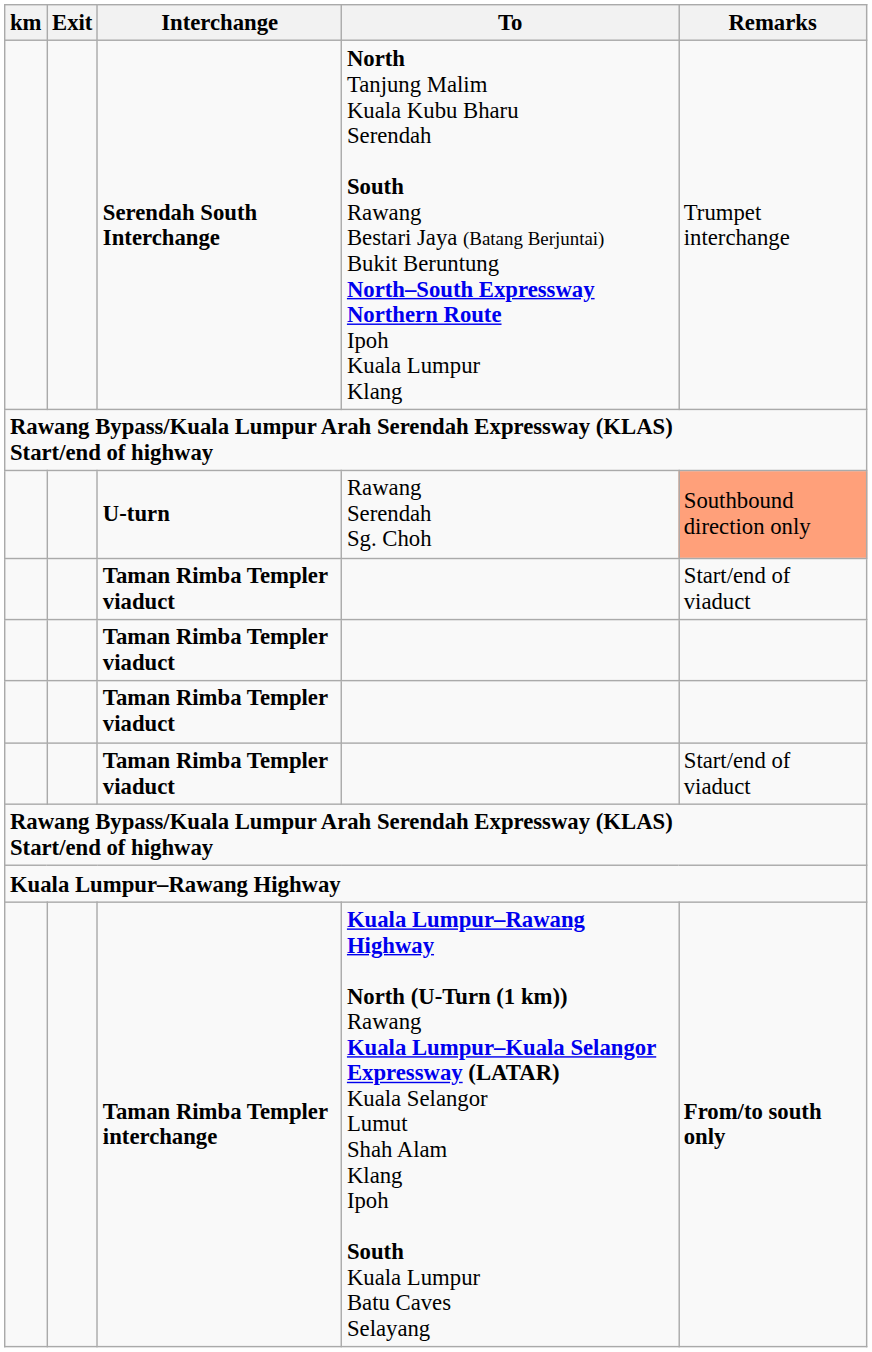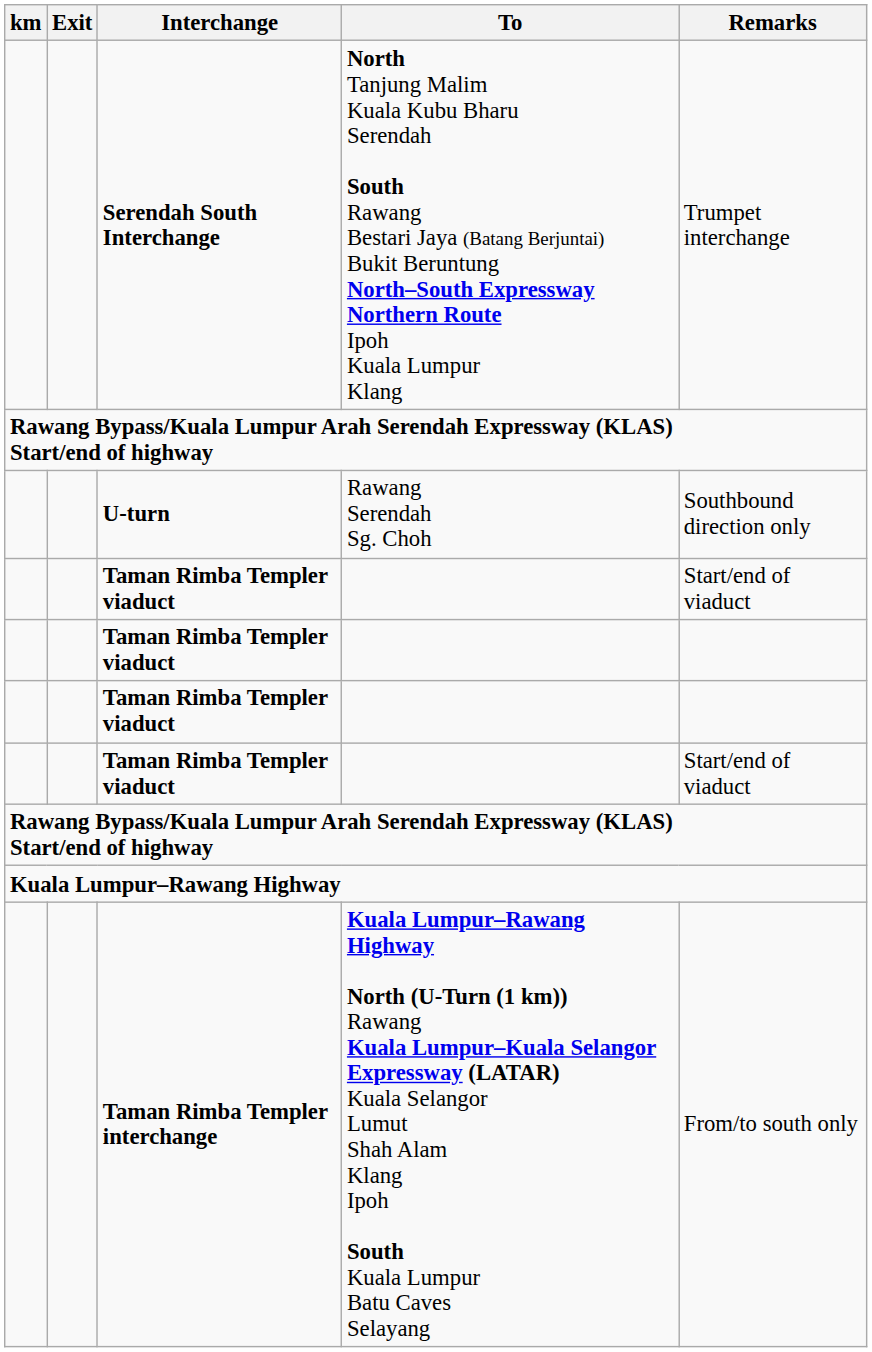 <table class="wikitable">
 <tr>
 <th>km</th>
 <th>Exit</th>
 <th>Interchange</th>
 <th>To</th>
 <th>Remarks</th>
 </tr>
 <tr>
 <td></td>
 <td></td>
 <td><strong>Serendah South Interchange</strong></td>
 <td><strong>North</strong><br> Tanjung Malim<br> Kuala Kubu Bharu<br> Serendah<br><br><strong>South</strong><br> Rawang<br> Bestari Jaya <small>(Batang Berjuntai)</small><br> Bukit Beruntung<br>  <strong><a href='#'>North–South Expressway Northern Route</a></strong><br>Ipoh<br>Kuala Lumpur<br>Klang</td>
 <td>Trumpet interchange</td>
 </tr>
 <tr>
 <td style="width:600px" colspan="6" style="text-align:center; background:blue;"> <strong><span> Rawang Bypass/Kuala Lumpur Arah Serendah Expressway (KLAS)<br>Start/end of highway</span></strong></td>
 </tr>
 <tr>
 <td></td>
 <td></td>
 <td><strong>U-turn</strong></td>
 <td> Rawang<br> Serendah<br> Sg. Choh</td>
-<td style="background: lightsalmon;">Southbound direction only</td>
+<td>Southbound direction only</td>
 </tr>
 <tr>
 <td></td>
 <td></td>
 <td><strong>Taman Rimba Templer viaduct</strong></td>
 <td></td>
 <td>Start/end of viaduct</td>
 </tr>
 <tr>
 <td></td>
 <td></td>
 <td><strong>Taman Rimba Templer viaduct</strong></td>
 <td></td>
 <td></td>
 </tr>
 <tr>
 <td></td>
 <td></td>
 <td><strong>Taman Rimba Templer viaduct</strong></td>
 <td></td>
 <td></td>
 </tr>
 <tr>
 <td></td>
 <td></td>
 <td><strong>Taman Rimba Templer viaduct</strong></td>
 <td></td>
 <td>Start/end of viaduct</td>
 </tr>
 <tr>
 <td style="width:600px" colspan="6" style="text-align:center; background:blue;"> <strong><span> Rawang Bypass/Kuala Lumpur Arah Serendah Expressway (KLAS)<br>Start/end of highway</span></strong></td>
 </tr>
 <tr>
 <td style="width:600px" colspan="6" style="text-align:center; background:blue;"><strong><span> Kuala Lumpur–Rawang Highway</span></strong></td>
 </tr>
 <tr>
 <td></td>
 <td></td>
 <td><strong>Taman Rimba Templer interchange</strong></td>
 <td> <strong><a href='#'>Kuala Lumpur–Rawang Highway</a></strong><br><br><strong>North (U-Turn (1 km))</strong><br> Rawang<br> <strong><a href='#'>Kuala Lumpur–Kuala Selangor Expressway</a> (LATAR)</strong><br> Kuala Selangor<br> Lumut<br> Shah Alam<br>  Klang<br>  Ipoh<br><br><strong>South</strong><br> Kuala Lumpur<br> Batu Caves<br> Selayang</td>
-<td><strong>From/to south only</strong></td>
+<td>From/to south only</td>
 </tr>
 </table>
